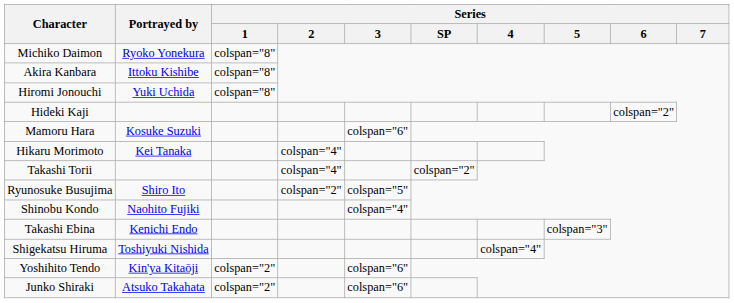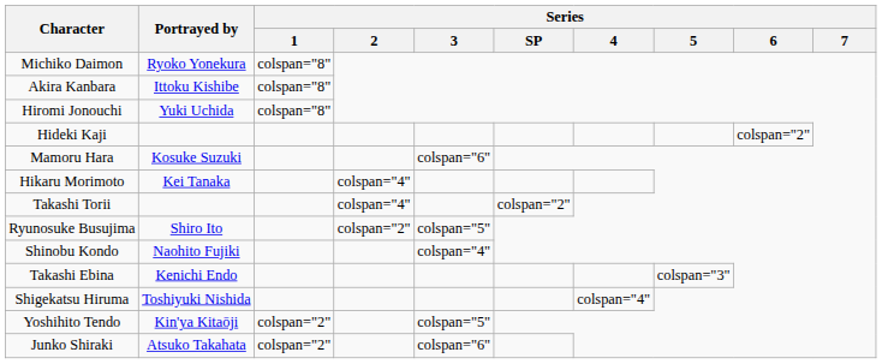 <table class="wikitable plainrowheaders" style="text-align:center;">
 <tr>
 <th scope="col" rowspan="2">Character</th>
 <th scope="col" rowspan="2">Portrayed by</th>
 <th scope="col" colspan="8">Series</th>
 </tr>
 <tr>
 <th style="width:60px;">1</th>
 <th style="width:60px;">2</th>
 <th style="width:60px;">3</th>
 <th style="width:60px;">SP</th>
 <th style="width:60px;">4</th>
 <th style="width:60px;">5</th>
 <th style="width:60px;">6</th>
 <th style="width:60px;">7</th>
 </tr>
 <tr>
 <td>Michiko Daimon</td>
 <td><a href='#'>Ryoko Yonekura</a></td>
 <td>colspan="8" </td>
 </tr>
 <tr>
 <td>Akira Kanbara</td>
 <td><a href='#'>Ittoku Kishibe</a></td>
 <td>colspan="8" </td>
 </tr>
 <tr>
 <td>Hiromi Jonouchi</td>
 <td><a href='#'>Yuki Uchida</a></td>
 <td>colspan="8" </td>
 </tr>
 <tr>
 <td>Hideki Kaji</td>
 <td></td>
 <td></td>
 <td></td>
 <td></td>
 <td></td>
 <td></td>
 <td></td>
 <td>colspan="2" </td>
 </tr>
 <tr>
 <td>Mamoru Hara</td>
 <td><a href='#'>Kosuke Suzuki</a></td>
 <td></td>
 <td></td>
 <td>colspan="6" </td>
 </tr>
 <tr>
 <td>Hikaru Morimoto</td>
 <td><a href='#'>Kei Tanaka</a></td>
 <td></td>
 <td>colspan="4" </td>
 <td></td>
 <td></td>
 <td></td>
 </tr>
 <tr>
 <td>Takashi Torii</td>
 <td></td>
 <td></td>
 <td>colspan="4" </td>
 <td></td>
 <td>colspan="2" </td>
 </tr>
 <tr>
 <td>Ryunosuke Busujima</td>
 <td><a href='#'>Shiro Ito</a></td>
 <td></td>
 <td>colspan="2" </td>
 <td>colspan="5" </td>
 </tr>
 <tr>
 <td>Shinobu Kondo</td>
 <td><a href='#'>Naohito Fujiki</a></td>
 <td></td>
 <td></td>
 <td>colspan="4" </td>
 </tr>
 <tr>
 <td>Takashi Ebina</td>
 <td><a href='#'>Kenichi Endo</a></td>
 <td></td>
 <td></td>
 <td></td>
 <td></td>
 <td></td>
 <td>colspan="3" </td>
 </tr>
 <tr>
 <td>Shigekatsu Hiruma</td>
 <td><a href='#'>Toshiyuki Nishida</a></td>
 <td></td>
 <td></td>
 <td></td>
 <td></td>
 <td>colspan="4" </td>
 </tr>
 <tr>
 <td>Yoshihito Tendo</td>
 <td><a href='#'>Kin'ya Kitaōji</a></td>
 <td>colspan="2" </td>
 <td></td>
-<td>colspan="6" </td>
+<td>colspan="5" </td>
 </tr>
 <tr>
 <td>Junko Shiraki</td>
 <td><a href='#'>Atsuko Takahata</a></td>
 <td>colspan="2" </td>
 <td></td>
 <td>colspan="6" </td>
 <td></td>
 </tr>
 </table>
